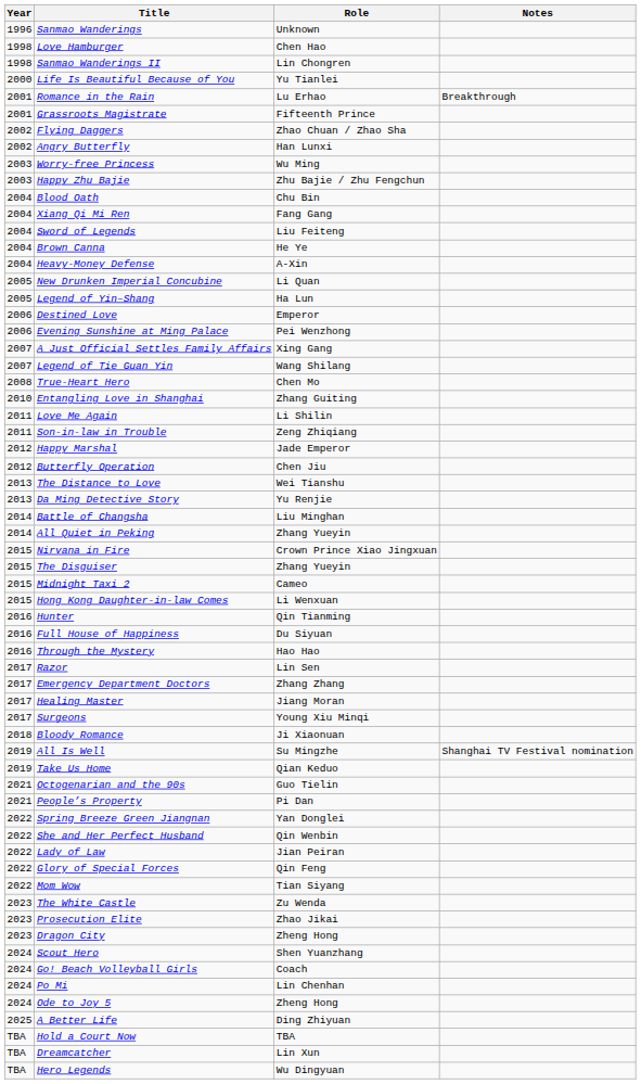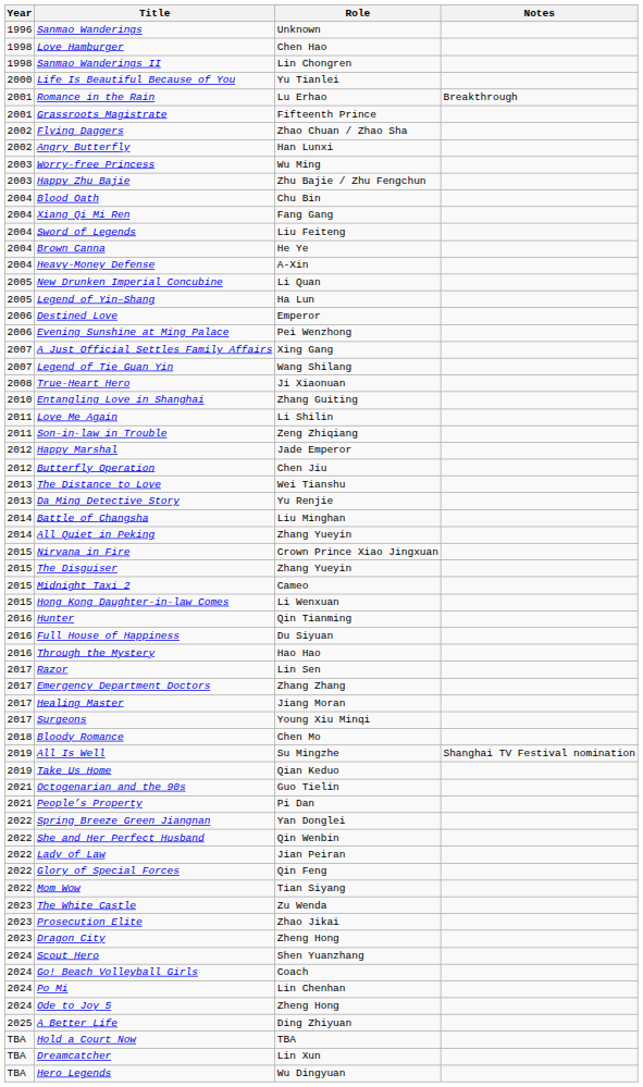 <table class="wikitable sortable">
 <tr>
 <th>Year</th>
 <th>Title</th>
 <th>Role</th>
 <th>Notes</th>
 </tr>
 <tr>
 <td>1996</td>
 <td><em><a href='#'>Sanmao Wanderings</a></em></td>
 <td>Unknown</td>
 <td></td>
 </tr>
 <tr>
 <td>1998</td>
 <td><em><a href='#'>Love Hamburger</a></em></td>
 <td>Chen Hao</td>
 <td></td>
 </tr>
 <tr>
 <td>1998</td>
 <td><em><a href='#'>Sanmao Wanderings II</a></em></td>
 <td>Lin Chongren</td>
 <td></td>
 </tr>
 <tr>
 <td>2000</td>
 <td><em><a href='#'>Life Is Beautiful Because of You</a></em></td>
 <td>Yu Tianlei</td>
 <td></td>
 </tr>
 <tr>
 <td>2001</td>
 <td><em><a href='#'>Romance in the Rain</a></em></td>
 <td>Lu Erhao</td>
 <td>Breakthrough</td>
 </tr>
 <tr>
 <td>2001</td>
 <td><em><a href='#'>Grassroots Magistrate</a></em></td>
 <td>Fifteenth Prince</td>
 <td></td>
 </tr>
 <tr>
 <td>2002</td>
 <td><em><a href='#'>Flying Daggers</a></em></td>
 <td>Zhao Chuan / Zhao Sha</td>
 <td></td>
 </tr>
 <tr>
 <td>2002</td>
 <td><em><a href='#'>Angry Butterfly</a></em></td>
 <td>Han Lunxi</td>
 <td></td>
 </tr>
 <tr>
 <td>2003</td>
 <td><em><a href='#'>Worry-free Princess</a></em></td>
 <td>Wu Ming</td>
 <td></td>
 </tr>
 <tr>
 <td>2003</td>
 <td><em><a href='#'>Happy Zhu Bajie</a></em></td>
 <td>Zhu Bajie / Zhu Fengchun</td>
 <td></td>
 </tr>
 <tr>
 <td>2004</td>
 <td><em><a href='#'>Blood Oath</a></em></td>
 <td>Chu Bin</td>
 <td></td>
 </tr>
 <tr>
 <td>2004</td>
 <td><em><a href='#'>Xiang Qi Mi Ren</a></em></td>
 <td>Fang Gang</td>
 <td></td>
 </tr>
 <tr>
 <td>2004</td>
 <td><em><a href='#'>Sword of Legends</a></em></td>
 <td>Liu Feiteng</td>
 <td></td>
 </tr>
 <tr>
 <td>2004</td>
 <td><em><a href='#'>Brown Canna</a></em></td>
 <td>He Ye</td>
 <td></td>
 </tr>
 <tr>
 <td>2004</td>
 <td><em><a href='#'>Heavy-Money Defense</a></em></td>
 <td>A-Xin</td>
 <td></td>
 </tr>
 <tr>
 <td>2005</td>
 <td><em><a href='#'>New Drunken Imperial Concubine</a></em></td>
 <td>Li Quan</td>
 <td></td>
 </tr>
 <tr>
 <td>2005</td>
 <td><em><a href='#'>Legend of Yin–Shang</a></em></td>
 <td>Ha Lun</td>
 <td></td>
 </tr>
 <tr>
 <td>2006</td>
 <td><em><a href='#'>Destined Love</a></em></td>
 <td>Emperor</td>
 <td></td>
 </tr>
 <tr>
 <td>2006</td>
 <td><em><a href='#'>Evening Sunshine at Ming Palace</a></em></td>
 <td>Pei Wenzhong</td>
 <td></td>
 </tr>
 <tr>
 <td>2007</td>
 <td><em><a href='#'>A Just Official Settles Family Affairs</a></em></td>
 <td>Xing Gang</td>
 <td></td>
 </tr>
 <tr>
 <td>2007</td>
 <td><em><a href='#'>Legend of Tie Guan Yin</a></em></td>
 <td>Wang Shilang</td>
 <td></td>
 </tr>
 <tr>
 <td>2008</td>
 <td><em><a href='#'>True-Heart Hero</a></em></td>
-<td>Chen Mo</td>
+<td>Ji Xiaonuan</td>
 <td></td>
 </tr>
 <tr>
 <td>2010</td>
 <td><em><a href='#'>Entangling Love in Shanghai</a></em></td>
 <td>Zhang Guiting</td>
 <td></td>
 </tr>
 <tr>
 <td>2011</td>
 <td><em><a href='#'>Love Me Again</a></em></td>
 <td>Li Shilin</td>
 <td></td>
 </tr>
 <tr>
 <td>2011</td>
 <td><em><a href='#'>Son-in-law in Trouble</a></em></td>
 <td>Zeng Zhiqiang</td>
 <td></td>
 </tr>
 <tr>
 <td>2012</td>
 <td><em><a href='#'>Happy Marshal</a></em></td>
 <td>Jade Emperor</td>
 <td></td>
 </tr>
 <tr>
 <td>2012</td>
 <td><em><a href='#'>Butterfly Operation</a></em></td>
 <td>Chen Jiu</td>
 <td></td>
 </tr>
 <tr>
 <td>2013</td>
 <td><em><a href='#'>The Distance to Love</a></em></td>
 <td>Wei Tianshu</td>
 <td></td>
 </tr>
 <tr>
 <td>2013</td>
 <td><em><a href='#'>Da Ming Detective Story</a></em></td>
 <td>Yu Renjie</td>
 <td></td>
 </tr>
 <tr>
 <td>2014</td>
 <td><em><a href='#'>Battle of Changsha</a></em></td>
 <td>Liu Minghan</td>
 <td></td>
 </tr>
 <tr>
 <td>2014</td>
 <td><em><a href='#'>All Quiet in Peking</a></em></td>
 <td>Zhang Yueyin</td>
 <td></td>
 </tr>
 <tr>
 <td>2015</td>
 <td><em><a href='#'>Nirvana in Fire</a></em></td>
 <td>Crown Prince Xiao Jingxuan</td>
 <td></td>
 </tr>
 <tr>
 <td>2015</td>
 <td><em><a href='#'>The Disguiser</a></em></td>
 <td>Zhang Yueyin</td>
 <td></td>
 </tr>
 <tr>
 <td>2015</td>
 <td><em><a href='#'>Midnight Taxi 2</a></em></td>
 <td>Cameo</td>
 <td></td>
 </tr>
 <tr>
 <td>2015</td>
 <td><em><a href='#'>Hong Kong Daughter-in-law Comes</a></em></td>
 <td>Li Wenxuan</td>
 <td></td>
 </tr>
 <tr>
 <td>2016</td>
 <td><em><a href='#'>Hunter</a></em></td>
 <td>Qin Tianming</td>
 <td></td>
 </tr>
 <tr>
 <td>2016</td>
 <td><em><a href='#'>Full House of Happiness</a></em></td>
 <td>Du Siyuan</td>
 <td></td>
 </tr>
 <tr>
 <td>2016</td>
 <td><em><a href='#'>Through the Mystery</a></em></td>
 <td>Hao Hao</td>
 <td></td>
 </tr>
 <tr>
 <td>2017</td>
 <td><em><a href='#'>Razor</a></em></td>
 <td>Lin Sen</td>
 <td></td>
 </tr>
 <tr>
 <td>2017</td>
 <td><em><a href='#'>Emergency Department Doctors</a></em></td>
 <td>Zhang Zhang</td>
 <td></td>
 </tr>
 <tr>
 <td>2017</td>
 <td><em><a href='#'>Healing Master</a></em></td>
 <td>Jiang Moran</td>
 <td></td>
 </tr>
 <tr>
 <td>2017</td>
 <td><em><a href='#'>Surgeons</a></em></td>
 <td>Young Xiu Minqi</td>
 <td></td>
 </tr>
 <tr>
 <td>2018</td>
 <td><em><a href='#'>Bloody Romance</a></em></td>
-<td>Ji Xiaonuan</td>
+<td>Chen Mo</td>
 <td></td>
 </tr>
 <tr>
 <td>2019</td>
 <td><em><a href='#'>All Is Well</a></em></td>
 <td>Su Mingzhe</td>
 <td>Shanghai TV Festival nomination</td>
 </tr>
 <tr>
 <td>2019</td>
 <td><em><a href='#'>Take Us Home</a></em></td>
 <td>Qian Keduo</td>
 <td></td>
 </tr>
 <tr>
 <td>2021</td>
 <td><em><a href='#'>Octogenarian and the 90s</a></em></td>
 <td>Guo Tielin</td>
 <td></td>
 </tr>
 <tr>
 <td>2021</td>
 <td><em><a href='#'>People’s Property</a></em></td>
 <td>Pi Dan</td>
 <td></td>
 </tr>
 <tr>
 <td>2022</td>
 <td><em><a href='#'>Spring Breeze Green Jiangnan</a></em></td>
 <td>Yan Donglei</td>
 <td></td>
 </tr>
 <tr>
 <td>2022</td>
 <td><em><a href='#'>She and Her Perfect Husband</a></em></td>
 <td>Qin Wenbin</td>
 <td></td>
 </tr>
 <tr>
 <td>2022</td>
 <td><em><a href='#'>Lady of Law</a></em></td>
 <td>Jian Peiran</td>
 <td></td>
 </tr>
 <tr>
 <td>2022</td>
 <td><em><a href='#'>Glory of Special Forces</a></em></td>
 <td>Qin Feng</td>
 <td></td>
 </tr>
 <tr>
 <td>2022</td>
 <td><em><a href='#'>Mom Wow</a></em></td>
 <td>Tian Siyang</td>
 <td></td>
 </tr>
 <tr>
 <td>2023</td>
 <td><em><a href='#'>The White Castle</a></em></td>
 <td>Zu Wenda</td>
 <td></td>
 </tr>
 <tr>
 <td>2023</td>
 <td><em><a href='#'>Prosecution Elite</a></em></td>
 <td>Zhao Jikai</td>
 <td></td>
 </tr>
 <tr>
 <td>2023</td>
 <td><em><a href='#'>Dragon City</a></em></td>
 <td>Zheng Hong</td>
 <td></td>
 </tr>
 <tr>
 <td>2024</td>
 <td><em><a href='#'>Scout Hero</a></em></td>
 <td>Shen Yuanzhang</td>
 <td></td>
 </tr>
 <tr>
 <td>2024</td>
 <td><em><a href='#'>Go! Beach Volleyball Girls</a></em></td>
 <td>Coach</td>
 <td></td>
 </tr>
 <tr>
 <td>2024</td>
 <td><em><a href='#'>Po Mi</a></em></td>
 <td>Lin Chenhan</td>
 <td></td>
 </tr>
 <tr>
 <td>2024</td>
 <td><em><a href='#'>Ode to Joy 5</a></em></td>
 <td>Zheng Hong</td>
 <td></td>
 </tr>
 <tr>
 <td>2025</td>
 <td><em><a href='#'>A Better Life</a></em></td>
 <td>Ding Zhiyuan</td>
 <td></td>
 </tr>
 <tr>
 <td>TBA</td>
 <td><em><a href='#'>Hold a Court Now</a></em></td>
 <td>TBA</td>
 <td></td>
 </tr>
 <tr>
 <td>TBA</td>
 <td><em><a href='#'>Dreamcatcher</a></em></td>
 <td>Lin Xun</td>
 <td></td>
 </tr>
 <tr>
 <td>TBA</td>
 <td><em><a href='#'>Hero Legends</a></em></td>
 <td>Wu Dingyuan</td>
 <td></td>
 </tr>
 </table>
